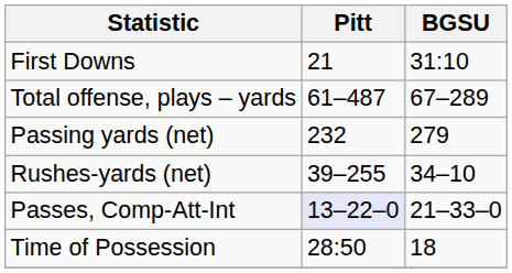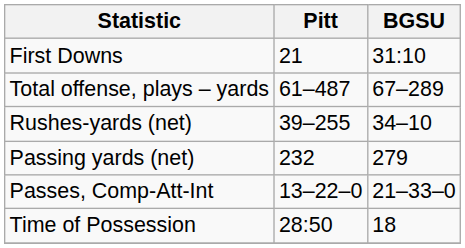 <table class="wikitable">
 <tr>
 <th>Statistic</th>
 <th><strong>Pitt</strong></th>
 <th><strong>BGSU</strong></th>
 </tr>
 <tr>
 <td>First Downs</td>
 <td>21</td>
 <td>31:10</td>
 </tr>
 <tr>
 <td>Total offense, plays – yards</td>
 <td>61–487</td>
 <td>67–289</td>
 </tr>
 <tr>
+<td>Rushes-yards (net)</td>
+<td>39–255</td>
+<td>34–10</td>
+</tr>
+<tr>
 <td>Passing yards (net)</td>
 <td>232</td>
 <td>279</td>
 </tr>
 <tr>
-<td>Rushes-yards (net)</td>
-<td>39–255</td>
-<td>34–10</td>
-</tr>
-<tr>
 <td>Passes, Comp-Att-Int</td>
-<td style="background: lavender;">13–22–0</td>
+<td>13–22–0</td>
 <td>21–33–0</td>
 </tr>
 <tr>
 <td>Time of Possession</td>
 <td>28:50</td>
 <td>18</td>
 </tr>
 <tr>
 </tr>
 </table>
